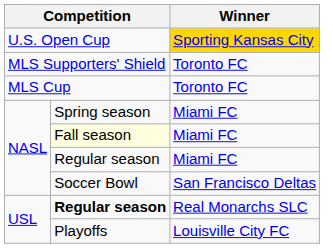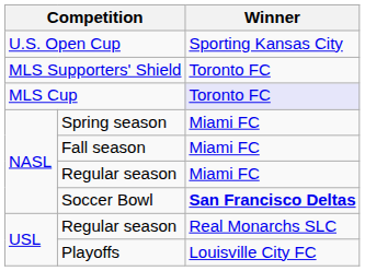 <table class="wikitable">
 <tr>
 <th colspan=2>Competition</th>
 <th>Winner</th>
 </tr>
 <tr>
 <td colspan=2><a href='#'>U.S. Open Cup</a></td>
-<td style="background: gold;"><a href='#'>Sporting Kansas City</a></td>
+<td><a href='#'>Sporting Kansas City</a></td>
 </tr>
 <tr>
 <td colspan=2><a href='#'>MLS Supporters' Shield</a></td>
 <td><a href='#'>Toronto FC</a></td>
 </tr>
 <tr>
 <td colspan=2><a href='#'>MLS Cup</a></td>
-<td><a href='#'>Toronto FC</a></td>
+<td style="background: lavender;"><a href='#'>Toronto FC</a></td>
 </tr>
 <tr>
 <td rowspan=4><a href='#'>NASL</a></td>
 <td>Spring season</td>
 <td><a href='#'>Miami FC</a></td>
 </tr>
 <tr>
-<td style="background: lightyellow;">Fall season</td>
+<td>Fall season</td>
 <td><a href='#'>Miami FC</a></td>
 </tr>
 <tr>
 <td>Regular season</td>
 <td><a href='#'>Miami FC</a></td>
 </tr>
 <tr>
 <td>Soccer Bowl</td>
-<td><a href='#'>San Francisco Deltas</a></td>
+<td><strong><a href='#'>San Francisco Deltas</a></strong></td>
 </tr>
 <tr>
 <td rowspan=2><a href='#'>USL</a></td>
-<td><strong>Regular season</strong></td>
+<td>Regular season</td>
 <td><a href='#'>Real Monarchs SLC</a></td>
 </tr>
 <tr>
 <td>Playoffs</td>
 <td><a href='#'>Louisville City FC</a></td>
 </tr>
 </table>
